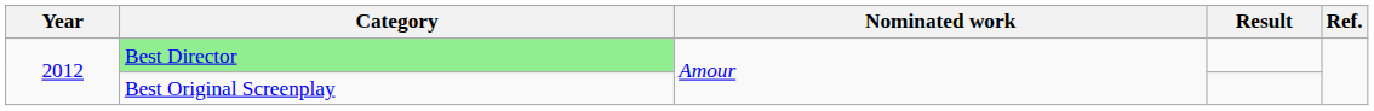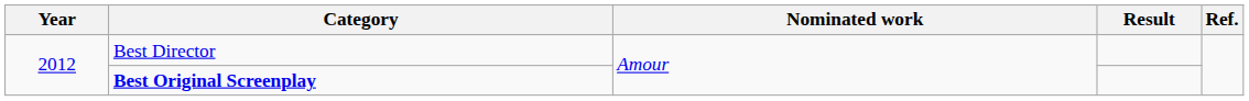 <table class=wikitable>
 <tr>
 <th scope="col" style="width:5em;">Year</th>
 <th scope="col" style="width:26em;">Category</th>
 <th scope="col" style="width:25em;">Nominated work</th>
 <th scope="col" style="width:5em;">Result</th>
 <th>Ref.</th>
 </tr>
 <tr>
 <td style="text-align:center;", rowspan=2><a href='#'>2012</a></td>
-<td style="background: lightgreen;"><a href='#'>Best Director</a></td>
+<td><a href='#'>Best Director</a></td>
 <td rowspan=2><em><a href='#'>Amour</a></em></td>
 <td></td>
 <td rowspan=2></td>
 </tr>
 <tr>
-<td><a href='#'>Best Original Screenplay</a></td>
+<td><strong><a href='#'>Best Original Screenplay</a></strong></td>
 <td></td>
 </tr>
 </table>
